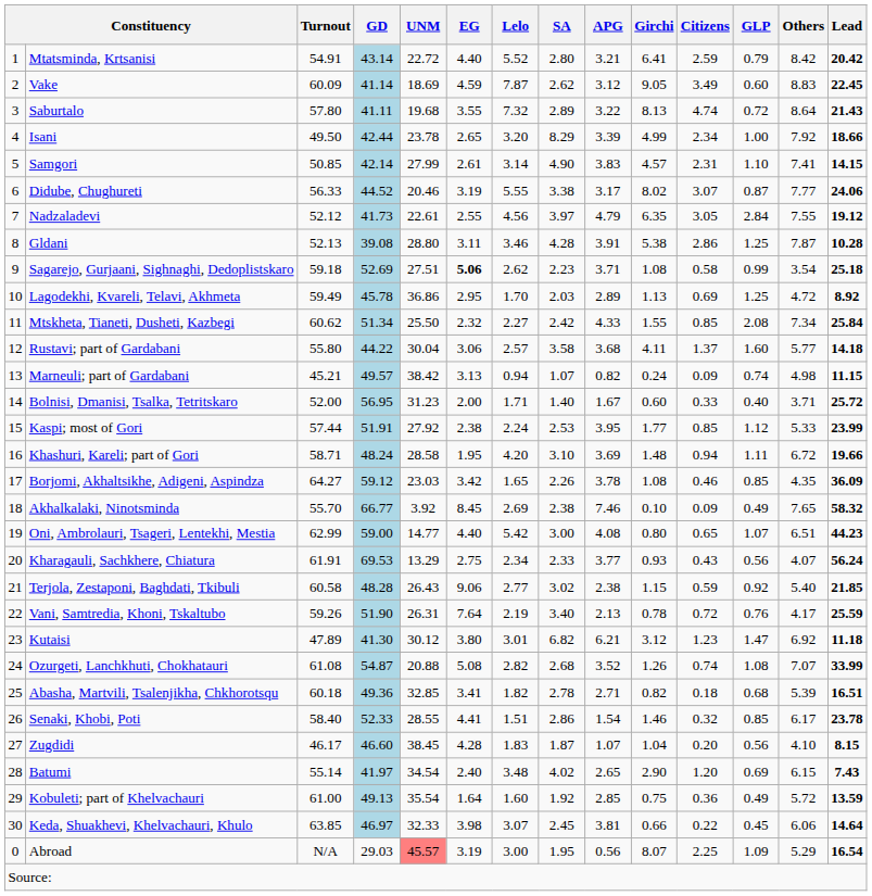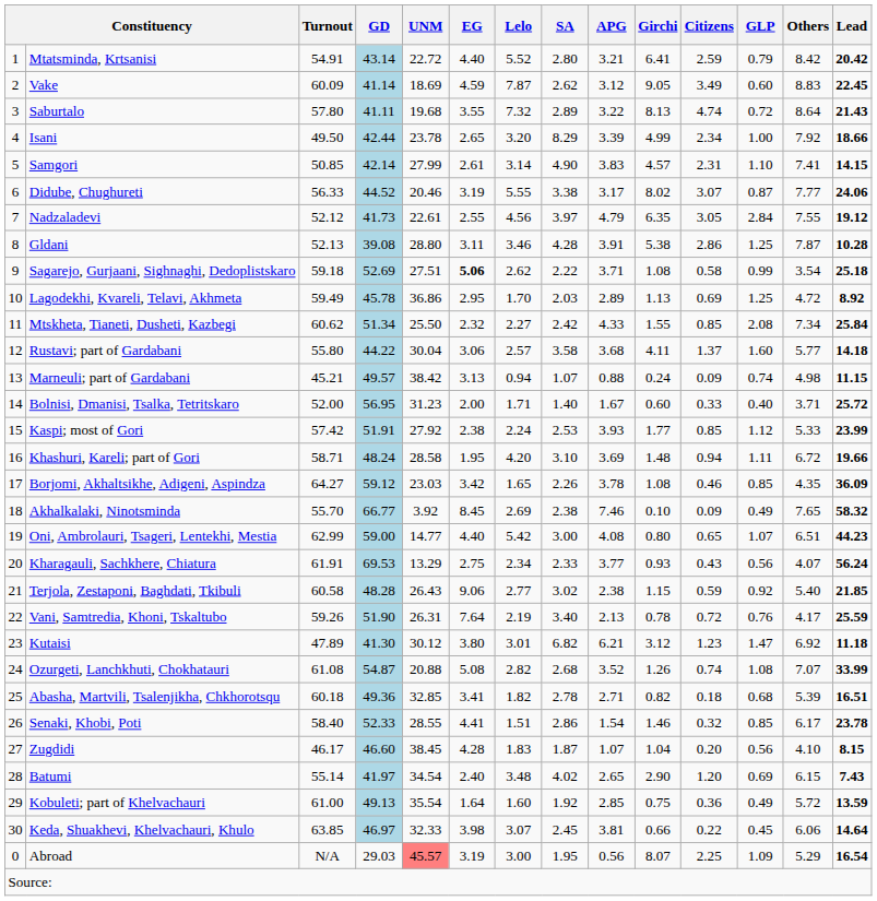 <table class="wikitable sortable" style="text-align:center;font-size:90%;line-height:20px">
 <tr style="height:40px;">
 <th colspan=2 style="width:150px;">Constituency</th>
 <th style="width:40px;">Turnout</th>
 <th style="width:40px;"><a href='#'>GD</a></th>
 <th style="width:40px;"><a href='#'>UNM</a></th>
 <th style="width:40px;"><a href='#'>EG</a></th>
 <th style="width:40px;"><a href='#'>Lelo</a></th>
 <th style="width:40px;"><a href='#'>SA</a></th>
 <th style="width:40px;"><a href='#'>APG</a></th>
 <th style="width:40px;"><a href='#'>Girchi</a></th>
 <th style="width:40px;"><a href='#'>Citizens</a></th>
 <th style="width:40px;"><a href='#'>GLP</a></th>
 <th style="width:40px;">Others</th>
 <th style="width:30px;">Lead</th>
 </tr>
 <tr>
 <td>1</td>
 <td align="left"><a href='#'>Mtatsminda</a>, <a href='#'>Krtsanisi</a></td>
 <td>54.91</td>
 <td style="background:#ADD8E6;">43.14</td>
 <td>22.72</td>
 <td>4.40</td>
 <td>5.52</td>
 <td>2.80</td>
 <td>3.21</td>
 <td>6.41</td>
 <td>2.59</td>
 <td>0.79</td>
 <td>8.42</td>
 <td style="background:"><strong>20.42</strong></td>
 </tr>
 <tr>
 <td>2</td>
 <td align="left"><a href='#'>Vake</a></td>
 <td>60.09</td>
 <td style="background:#ADD8E6;">41.14</td>
 <td>18.69</td>
 <td>4.59</td>
 <td>7.87</td>
 <td>2.62</td>
 <td>3.12</td>
 <td>9.05</td>
 <td>3.49</td>
 <td>0.60</td>
 <td>8.83</td>
 <td style="background:"><strong>22.45</strong></td>
 </tr>
 <tr>
 <td>3</td>
 <td align="left"><a href='#'>Saburtalo</a></td>
 <td>57.80</td>
 <td style="background:#ADD8E6;">41.11</td>
 <td>19.68</td>
 <td>3.55</td>
 <td>7.32</td>
 <td>2.89</td>
 <td>3.22</td>
 <td>8.13</td>
 <td>4.74</td>
 <td>0.72</td>
 <td>8.64</td>
 <td style="background:"><strong>21.43</strong></td>
 </tr>
 <tr>
 <td>4</td>
 <td align="left"><a href='#'>Isani</a></td>
 <td>49.50</td>
 <td style="background:#ADD8E6;">42.44</td>
 <td>23.78</td>
 <td>2.65</td>
 <td>3.20</td>
 <td>8.29</td>
 <td>3.39</td>
 <td>4.99</td>
 <td>2.34</td>
 <td>1.00</td>
 <td>7.92</td>
 <td style="background:"><strong>18.66</strong></td>
 </tr>
 <tr>
 <td>5</td>
 <td align="left"><a href='#'>Samgori</a></td>
 <td>50.85</td>
 <td style="background:#ADD8E6;">42.14</td>
 <td>27.99</td>
 <td>2.61</td>
 <td>3.14</td>
 <td>4.90</td>
 <td>3.83</td>
 <td>4.57</td>
 <td>2.31</td>
 <td>1.10</td>
 <td>7.41</td>
 <td style="background:"><strong>14.15</strong></td>
 </tr>
 <tr>
 <td>6</td>
 <td align="left"><a href='#'>Didube</a>, <a href='#'>Chughureti</a></td>
 <td>56.33</td>
 <td style="background:#ADD8E6;">44.52</td>
 <td>20.46</td>
 <td>3.19</td>
 <td>5.55</td>
 <td>3.38</td>
 <td>3.17</td>
 <td>8.02</td>
 <td>3.07</td>
 <td>0.87</td>
 <td>7.77</td>
 <td style="background:"><strong>24.06</strong></td>
 </tr>
 <tr>
 <td>7</td>
 <td align="left"><a href='#'>Nadzaladevi</a></td>
 <td>52.12</td>
 <td style="background:#ADD8E6;">41.73</td>
 <td>22.61</td>
 <td>2.55</td>
 <td>4.56</td>
 <td>3.97</td>
 <td>4.79</td>
 <td>6.35</td>
 <td>3.05</td>
 <td>2.84</td>
 <td>7.55</td>
 <td style="background:"><strong>19.12</strong></td>
 </tr>
 <tr>
 <td>8</td>
 <td align="left"><a href='#'>Gldani</a></td>
 <td>52.13</td>
 <td style="background:#ADD8E6;">39.08</td>
 <td>28.80</td>
 <td>3.11</td>
 <td>3.46</td>
 <td>4.28</td>
 <td>3.91</td>
 <td>5.38</td>
 <td>2.86</td>
 <td>1.25</td>
 <td>7.87</td>
 <td style="background:"><strong>10.28</strong></td>
 </tr>
 <tr>
 <td>9</td>
 <td align="left"><a href='#'>Sagarejo</a>, <a href='#'>Gurjaani</a>, <a href='#'>Sighnaghi</a>, <a href='#'>Dedoplistskaro</a></td>
 <td>59.18</td>
 <td style="background:#ADD8E6;">52.69</td>
 <td>27.51</td>
 <td><strong>5.06</strong></td>
 <td>2.62</td>
-<td>2.23</td>
+<td>2.22</td>
 <td>3.71</td>
 <td>1.08</td>
 <td>0.58</td>
 <td>0.99</td>
 <td>3.54</td>
 <td style="background:"><strong>25.18</strong></td>
 </tr>
 <tr>
 <td>10</td>
 <td align="left"><a href='#'>Lagodekhi</a>, <a href='#'>Kvareli</a>, <a href='#'>Telavi</a>, <a href='#'>Akhmeta</a></td>
 <td>59.49</td>
 <td style="background:#ADD8E6;">45.78</td>
 <td>36.86</td>
 <td>2.95</td>
 <td>1.70</td>
 <td>2.03</td>
 <td>2.89</td>
 <td>1.13</td>
 <td>0.69</td>
 <td>1.25</td>
 <td>4.72</td>
 <td style="background:"><strong>8.92</strong></td>
 </tr>
 <tr>
 <td>11</td>
 <td align="left"><a href='#'>Mtskheta</a>, <a href='#'>Tianeti</a>, <a href='#'>Dusheti</a>, <a href='#'>Kazbegi</a></td>
 <td>60.62</td>
 <td style="background:#ADD8E6;">51.34</td>
 <td>25.50</td>
 <td>2.32</td>
 <td>2.27</td>
 <td>2.42</td>
 <td>4.33</td>
 <td>1.55</td>
 <td>0.85</td>
 <td>2.08</td>
 <td>7.34</td>
 <td style="background:"><strong>25.84</strong></td>
 </tr>
 <tr>
 <td>12</td>
 <td align="left"><a href='#'>Rustavi</a>; part of <a href='#'>Gardabani</a></td>
 <td>55.80</td>
 <td style="background:#ADD8E6;">44.22</td>
 <td>30.04</td>
 <td>3.06</td>
 <td>2.57</td>
 <td>3.58</td>
 <td>3.68</td>
 <td>4.11</td>
 <td>1.37</td>
 <td>1.60</td>
 <td>5.77</td>
 <td style="background:"><strong>14.18</strong></td>
 </tr>
 <tr>
 <td>13</td>
 <td align="left"><a href='#'>Marneuli</a>; part of <a href='#'>Gardabani</a></td>
 <td>45.21</td>
 <td style="background:#ADD8E6;">49.57</td>
 <td>38.42</td>
 <td>3.13</td>
 <td>0.94</td>
 <td>1.07</td>
-<td>0.82</td>
+<td>0.88</td>
 <td>0.24</td>
 <td>0.09</td>
 <td>0.74</td>
 <td>4.98</td>
 <td style="background:"><strong>11.15</strong></td>
 </tr>
 <tr>
 <td>14</td>
 <td align="left"><a href='#'>Bolnisi</a>, <a href='#'>Dmanisi</a>, <a href='#'>Tsalka</a>, <a href='#'>Tetritskaro</a></td>
 <td>52.00</td>
 <td style="background:#ADD8E6;">56.95</td>
 <td>31.23</td>
 <td>2.00</td>
 <td>1.71</td>
 <td>1.40</td>
 <td>1.67</td>
 <td>0.60</td>
 <td>0.33</td>
 <td>0.40</td>
 <td>3.71</td>
 <td style="background:"><strong>25.72</strong></td>
 </tr>
 <tr>
 <td>15</td>
 <td align="left"><a href='#'>Kaspi</a>; most of <a href='#'>Gori</a></td>
-<td>57.44</td>
+<td>57.42</td>
 <td style="background:#ADD8E6;">51.91</td>
 <td>27.92</td>
 <td>2.38</td>
 <td>2.24</td>
 <td>2.53</td>
-<td>3.95</td>
+<td>3.93</td>
 <td>1.77</td>
 <td>0.85</td>
 <td>1.12</td>
 <td>5.33</td>
 <td style="background:"><strong>23.99</strong></td>
 </tr>
 <tr>
 <td>16</td>
 <td align="left"><a href='#'>Khashuri</a>, <a href='#'>Kareli</a>; part of <a href='#'>Gori</a></td>
 <td>58.71</td>
 <td style="background:#ADD8E6;">48.24</td>
 <td>28.58</td>
 <td>1.95</td>
 <td>4.20</td>
 <td>3.10</td>
 <td>3.69</td>
 <td>1.48</td>
 <td>0.94</td>
 <td>1.11</td>
 <td>6.72</td>
 <td style="background:"><strong>19.66</strong></td>
 </tr>
 <tr>
 <td>17</td>
 <td align="left"><a href='#'>Borjomi</a>, <a href='#'>Akhaltsikhe</a>, <a href='#'>Adigeni</a>, <a href='#'>Aspindza</a></td>
 <td>64.27</td>
 <td style="background:#ADD8E6;">59.12</td>
 <td>23.03</td>
 <td>3.42</td>
 <td>1.65</td>
 <td>2.26</td>
 <td>3.78</td>
 <td>1.08</td>
 <td>0.46</td>
 <td>0.85</td>
 <td>4.35</td>
 <td style="background:"><strong>36.09</strong></td>
 </tr>
 <tr>
 <td>18</td>
 <td align="left"><a href='#'>Akhalkalaki</a>, <a href='#'>Ninotsminda</a></td>
 <td>55.70</td>
 <td style="background:#ADD8E6;">66.77</td>
 <td>3.92</td>
 <td>8.45</td>
 <td>2.69</td>
 <td>2.38</td>
 <td>7.46</td>
 <td>0.10</td>
 <td>0.09</td>
 <td>0.49</td>
 <td>7.65</td>
 <td style="background:"><strong>58.32</strong></td>
 </tr>
 <tr>
 <td>19</td>
 <td align="left"><a href='#'>Oni</a>, <a href='#'>Ambrolauri</a>, <a href='#'>Tsageri</a>, <a href='#'>Lentekhi</a>, <a href='#'>Mestia</a></td>
 <td>62.99</td>
 <td style="background:#ADD8E6;">59.00</td>
 <td>14.77</td>
 <td>4.40</td>
 <td>5.42</td>
 <td>3.00</td>
 <td>4.08</td>
 <td>0.80</td>
 <td>0.65</td>
 <td>1.07</td>
 <td>6.51</td>
 <td style="background:"><strong>44.23</strong></td>
 </tr>
 <tr>
 <td>20</td>
 <td align="left"><a href='#'>Kharagauli</a>, <a href='#'>Sachkhere</a>, <a href='#'>Chiatura</a></td>
 <td>61.91</td>
 <td style="background:#ADD8E6;">69.53</td>
 <td>13.29</td>
 <td>2.75</td>
 <td>2.34</td>
 <td>2.33</td>
 <td>3.77</td>
 <td>0.93</td>
 <td>0.43</td>
 <td>0.56</td>
 <td>4.07</td>
 <td style="background:"><strong>56.24</strong></td>
 </tr>
 <tr>
 <td>21</td>
 <td align="left"><a href='#'>Terjola</a>, <a href='#'>Zestaponi</a>, <a href='#'>Baghdati</a>, <a href='#'>Tkibuli</a></td>
 <td>60.58</td>
 <td style="background:#ADD8E6;">48.28</td>
 <td>26.43</td>
 <td>9.06</td>
 <td>2.77</td>
 <td>3.02</td>
 <td>2.38</td>
 <td>1.15</td>
 <td>0.59</td>
 <td>0.92</td>
 <td>5.40</td>
 <td style="background:"><strong>21.85</strong></td>
 </tr>
 <tr>
 <td>22</td>
 <td align="left"><a href='#'>Vani</a>, <a href='#'>Samtredia</a>, <a href='#'>Khoni</a>, <a href='#'>Tskaltubo</a></td>
 <td>59.26</td>
 <td style="background:#ADD8E6;">51.90</td>
 <td>26.31</td>
 <td>7.64</td>
 <td>2.19</td>
 <td>3.40</td>
 <td>2.13</td>
 <td>0.78</td>
 <td>0.72</td>
 <td>0.76</td>
 <td>4.17</td>
 <td style="background:"><strong>25.59</strong></td>
 </tr>
 <tr>
 <td>23</td>
 <td align="left"><a href='#'>Kutaisi</a></td>
 <td>47.89</td>
 <td style="background:#ADD8E6;">41.30</td>
 <td>30.12</td>
 <td>3.80</td>
 <td>3.01</td>
 <td>6.82</td>
 <td>6.21</td>
 <td>3.12</td>
 <td>1.23</td>
 <td>1.47</td>
 <td>6.92</td>
 <td style="background:"><strong>11.18</strong></td>
 </tr>
 <tr>
 <td>24</td>
 <td align="left"><a href='#'>Ozurgeti</a>, <a href='#'>Lanchkhuti</a>, <a href='#'>Chokhatauri</a></td>
 <td>61.08</td>
 <td style="background:#ADD8E6;">54.87</td>
 <td>20.88</td>
 <td>5.08</td>
 <td>2.82</td>
 <td>2.68</td>
 <td>3.52</td>
 <td>1.26</td>
 <td>0.74</td>
 <td>1.08</td>
 <td>7.07</td>
 <td style="background:"><strong>33.99</strong></td>
 </tr>
 <tr>
 <td>25</td>
 <td align="left"><a href='#'>Abasha</a>, <a href='#'>Martvili</a>, <a href='#'>Tsalenjikha</a>, <a href='#'>Chkhorotsqu</a></td>
 <td>60.18</td>
 <td style="background:#ADD8E6;">49.36</td>
 <td>32.85</td>
 <td>3.41</td>
 <td>1.82</td>
 <td>2.78</td>
 <td>2.71</td>
 <td>0.82</td>
 <td>0.18</td>
 <td>0.68</td>
 <td>5.39</td>
 <td style="background:"><strong>16.51</strong></td>
 </tr>
 <tr>
 <td>26</td>
 <td align="left"><a href='#'>Senaki</a>, <a href='#'>Khobi</a>, <a href='#'>Poti</a></td>
 <td>58.40</td>
 <td style="background:#ADD8E6;">52.33</td>
 <td>28.55</td>
 <td>4.41</td>
 <td>1.51</td>
 <td>2.86</td>
 <td>1.54</td>
 <td>1.46</td>
 <td>0.32</td>
 <td>0.85</td>
 <td>6.17</td>
 <td style="background:"><strong>23.78</strong></td>
 </tr>
 <tr>
 <td>27</td>
 <td align="left"><a href='#'>Zugdidi</a></td>
 <td>46.17</td>
 <td style="background:#ADD8E6;">46.60</td>
 <td>38.45</td>
 <td>4.28</td>
 <td>1.83</td>
 <td>1.87</td>
 <td>1.07</td>
 <td>1.04</td>
 <td>0.20</td>
 <td>0.56</td>
 <td>4.10</td>
 <td style="background:"><strong>8.15</strong></td>
 </tr>
 <tr>
 <td>28</td>
 <td align="left"><a href='#'>Batumi</a></td>
 <td>55.14</td>
 <td style="background:#ADD8E6;">41.97</td>
 <td>34.54</td>
 <td>2.40</td>
 <td>3.48</td>
 <td>4.02</td>
 <td>2.65</td>
 <td>2.90</td>
 <td>1.20</td>
 <td>0.69</td>
 <td>6.15</td>
 <td style="background:"><strong>7.43</strong></td>
 </tr>
 <tr>
 <td>29</td>
 <td align="left"><a href='#'>Kobuleti</a>; part of <a href='#'>Khelvachauri</a></td>
 <td>61.00</td>
 <td style="background:#ADD8E6;">49.13</td>
 <td>35.54</td>
 <td>1.64</td>
 <td>1.60</td>
 <td>1.92</td>
 <td>2.85</td>
 <td>0.75</td>
 <td>0.36</td>
 <td>0.49</td>
 <td>5.72</td>
 <td style="background:"><strong>13.59</strong></td>
 </tr>
 <tr>
 <td>30</td>
 <td align="left"><a href='#'>Keda</a>, <a href='#'>Shuakhevi</a>, <a href='#'>Khelvachauri</a>, <a href='#'>Khulo</a></td>
 <td>63.85</td>
 <td style="background:#ADD8E6;">46.97</td>
 <td>32.33</td>
 <td>3.98</td>
 <td>3.07</td>
 <td>2.45</td>
 <td>3.81</td>
 <td>0.66</td>
 <td>0.22</td>
 <td>0.45</td>
 <td>6.06</td>
 <td style="background:"><strong>14.64</strong></td>
 </tr>
 <tr>
 <td>0</td>
 <td align="left">Abroad</td>
 <td>N/A</td>
 <td>29.03</td>
 <td style="background:#FF7F7F;">45.57</td>
 <td>3.19</td>
 <td>3.00</td>
 <td>1.95</td>
 <td>0.56</td>
 <td>8.07</td>
 <td>2.25</td>
 <td>1.09</td>
 <td>5.29</td>
 <td style="background:"><strong>16.54</strong></td>
 </tr>
 <tr>
 <td align=left colspan=14>Source:   </td>
 </tr>
 </table>
